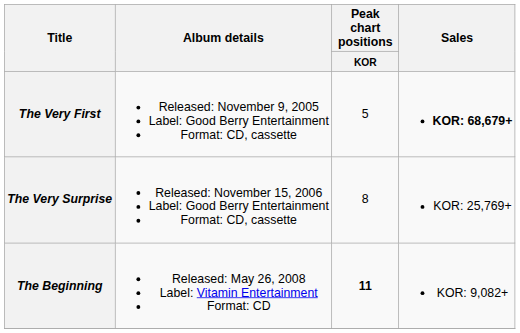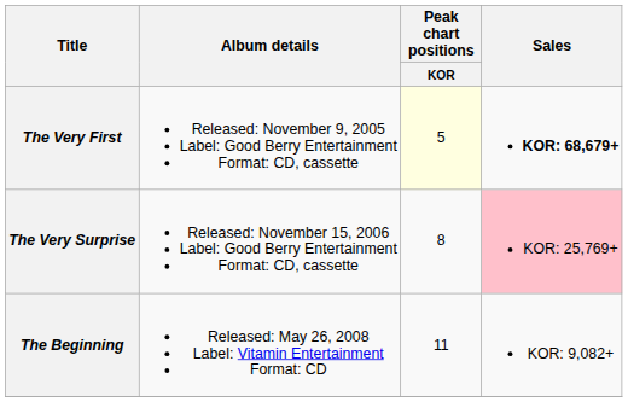 <table class="wikitable plainrowheaders" style="text-align:center;">
 <tr>
 <th scope="col" rowspan="2">Title</th>
 <th scope="col" rowspan="2">Album details</th>
 <th scope="col" colspan="1" style="width:5em;">Peak chart positions</th>
 <th scope="col" rowspan="2">Sales</th>
 </tr>
 <tr>
 <th><small>KOR</small><br></th>
 </tr>
 <tr>
 <th scope="row"><em>The Very First</em></th>
 <td><br><ul><li>Released: November 9, 2005</li><li>Label: Good Berry Entertainment</li><li>Format: CD, cassette</li></ul></td>
-<td>5</td>
+<td style="background: lightyellow;">5</td>
 <td><strong><br><ul><li>KOR: 68,679+</li></ul></strong></td>
 </tr>
 <tr>
 <th scope="row"><em>The Very Surprise</em></th>
 <td><br><ul><li>Released: November 15, 2006</li><li>Label: Good Berry Entertainment</li><li>Format: CD, cassette</li></ul></td>
 <td>8</td>
-<td><br><ul><li>KOR: 25,769+</li></ul></td>
+<td style="background: pink;"><br><ul><li>KOR: 25,769+</li></ul></td>
 </tr>
 <tr>
 <th scope="row"><em>The Beginning</em></th>
 <td><br><ul><li>Released: May 26, 2008</li><li>Label: <a href='#'>Vitamin Entertainment</a></li><li>Format: CD</li></ul></td>
-<td><strong>11</strong></td>
+<td>11</td>
 <td><br><ul><li>KOR: 9,082+</li></ul></td>
 </tr>
 <tr>
 </tr>
 </table>
